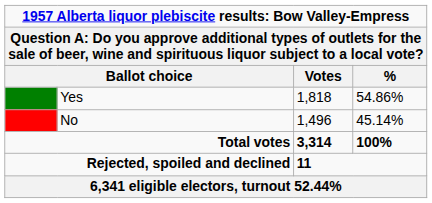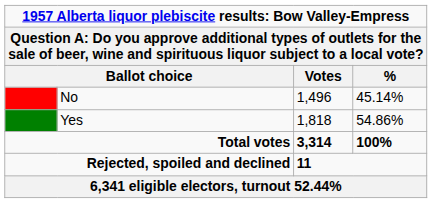 <table class="wikitable" align=right>
 <tr>
 <td colspan=4 align=center><strong><a href='#'>1957 Alberta liquor plebiscite</a> results: Bow Valley-Empress</strong></td>
 </tr>
 <tr>
 <th colspan=4>Question A: Do you approve additional types of outlets for the<br> sale of beer, wine and spirituous liquor subject to a local vote?</th>
 </tr>
 <tr>
 <th colspan=2>Ballot choice</th>
 <th>Votes</th>
 <th>%</th>
 </tr>
 <tr>
+<td bgcolor=red></td>
+<td>No</td>
+<td>1,496</td>
+<td>45.14%</td>
+</tr>
+<tr>
 <td bgcolor=green></td>
 <td>Yes</td>
 <td>1,818</td>
 <td>54.86%</td>
-</tr>
-<tr>
-<td bgcolor=red></td>
-<td>No</td>
-<td>1,496</td>
-<td>45.14%</td>
 </tr>
 <tr>
 <td align=right colspan=2><strong>Total votes</strong></td>
 <td><strong>3,314</strong></td>
 <td><strong>100%</strong></td>
 </tr>
 <tr>
 <td align=right colspan=2><strong>Rejected, spoiled and declined</strong></td>
 <td colspan=2><strong>11</strong></td>
 </tr>
 <tr>
 <th colspan=4>6,341 eligible electors, turnout 52.44%</th>
 </tr>
 </table>
